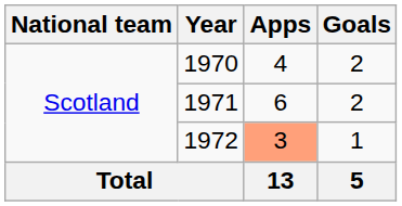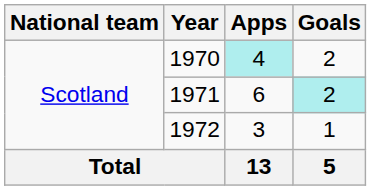 <table class=wikitable style="text-align:center">
 <tr>
 <th>National team</th>
 <th>Year</th>
 <th>Apps</th>
 <th>Goals</th>
 </tr>
 <tr>
 <td rowspan="3"><a href='#'>Scotland</a></td>
 <td>1970</td>
-<td>4</td>
+<td style="background: paleturquoise;">4</td>
 <td>2</td>
 </tr>
 <tr>
 <td>1971</td>
 <td>6</td>
-<td>2</td>
+<td style="background: paleturquoise;">2</td>
 </tr>
 <tr>
 <td>1972</td>
-<td style="background: lightsalmon;">3</td>
+<td>3</td>
 <td>1</td>
 </tr>
 <tr>
 <th colspan="2">Total</th>
 <th>13</th>
 <th>5</th>
 </tr>
 </table>
